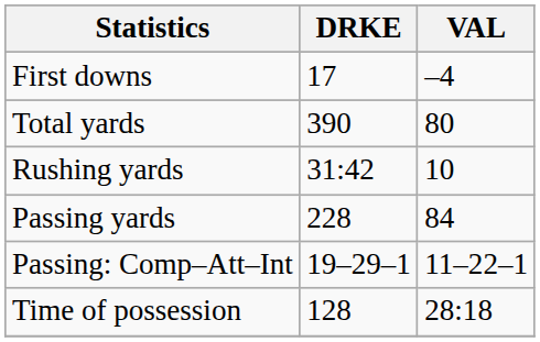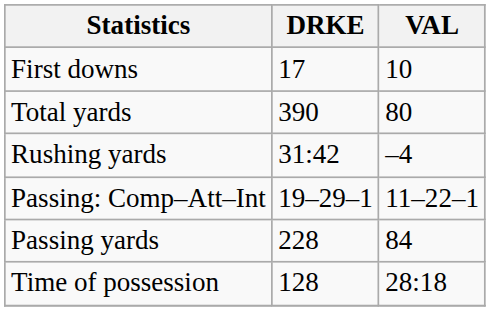 <table class="wikitable" style="float: left;">
 <tr>
 <th>Statistics</th>
 <th>DRKE</th>
 <th>VAL</th>
 </tr>
 <tr>
 <td>First downs</td>
 <td>17</td>
-<td>–4</td>
+<td>10</td>
 </tr>
 <tr>
 <td>Total yards</td>
 <td>390</td>
 <td>80</td>
 </tr>
 <tr>
 <td>Rushing yards</td>
 <td>31:42</td>
-<td>10</td>
+<td>–4</td>
+</tr>
+<tr>
+<td>Passing: Comp–Att–Int</td>
+<td>19–29–1</td>
+<td>11–22–1</td>
 </tr>
 <tr>
 <td>Passing yards</td>
 <td>228</td>
 <td>84</td>
-</tr>
-<tr>
-<td>Passing: Comp–Att–Int</td>
-<td>19–29–1</td>
-<td>11–22–1</td>
 </tr>
 <tr>
 <td>Time of possession</td>
 <td>128</td>
 <td>28:18</td>
 </tr>
 <tr>
 </tr>
 </table>
